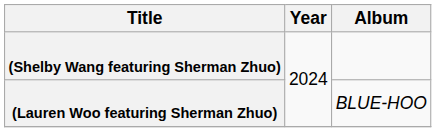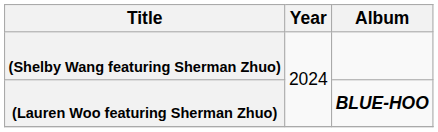 <table class="wikitable plainrowheaders" style="text-align:center;">
 <tr>
 <th scope="col">Title</th>
 <th scope="col">Year</th>
 <th scope="col">Album</th>
 </tr>
 <tr>
 <th scope="row"><br><small>(Shelby Wang featuring Sherman Zhuo)</small></th>
 <td rowspan="2">2024</td>
 <td></td>
 </tr>
 <tr>
 <th scope="row"><br><small>(Lauren Woo featuring Sherman Zhuo)</small></th>
-<td><em>BLUE-HOO</em></td>
+<td><strong><em>BLUE-HOO</em></strong></td>
 </tr>
 <tr>
 </tr>
 </table>
